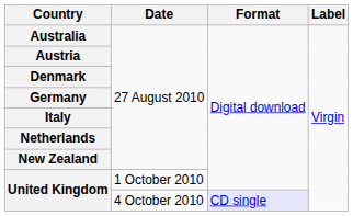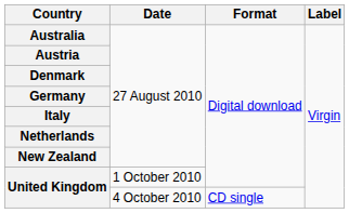 <table class="wikitable plainrowheaders" border="1">
 <tr>
 <th scope="col">Country</th>
 <th scope="col">Date</th>
 <th scope="col">Format</th>
 <th scope="col">Label</th>
 </tr>
 <tr>
 <th scope="row">Australia</th>
 <td rowspan="7">27 August 2010</td>
 <td rowspan="8"><a href='#'>Digital download</a></td>
 <td rowspan="9"><a href='#'>Virgin</a></td>
 </tr>
 <tr>
 <th scope="row">Austria</th>
 </tr>
 <tr>
 <th scope="row">Denmark</th>
 </tr>
 <tr>
 <th scope="row">Germany</th>
 </tr>
 <tr>
 <th scope="row">Italy</th>
 </tr>
 <tr>
 <th scope="row">Netherlands</th>
 </tr>
 <tr>
 <th scope="row">New Zealand</th>
 </tr>
 <tr>
 <th scope="row" rowspan="2">United Kingdom</th>
 <td>1 October 2010</td>
 </tr>
 <tr>
 <td>4 October 2010</td>
-<td style="background: lavender;"><a href='#'>CD single</a></td>
+<td><a href='#'>CD single</a></td>
 </tr>
 </table>
